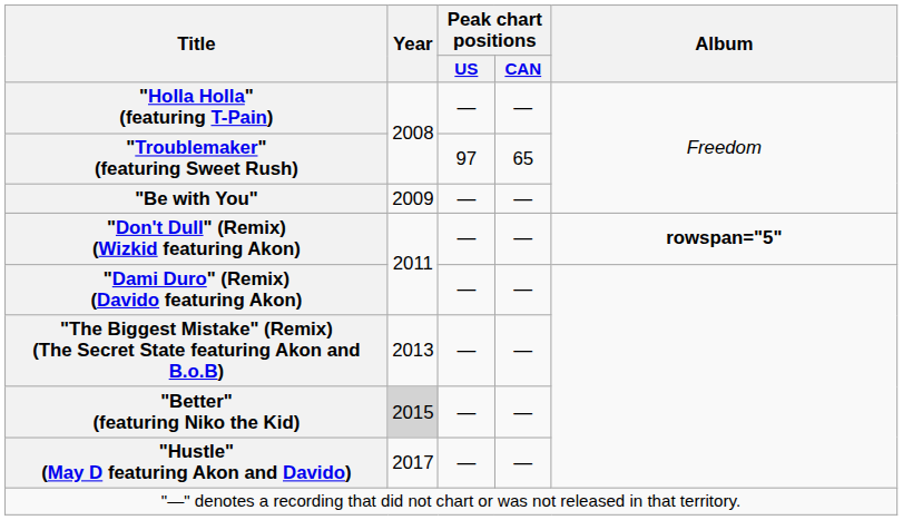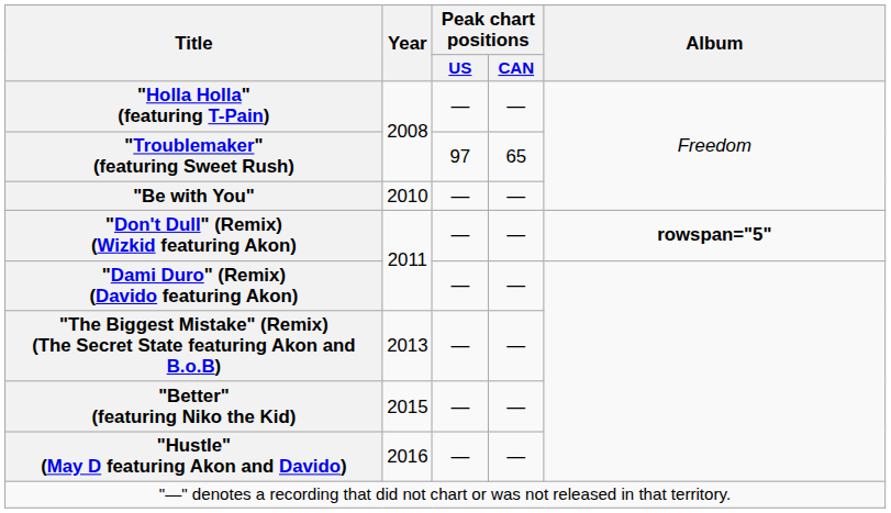 <table class="wikitable plainrowheaders" style="text-align:center;" border="1">
 <tr>
 <th scope="col" rowspan="2" style="width:20em;">Title</th>
 <th scope="col" rowspan="2">Year</th>
 <th scope="col" colspan="2">Peak chart positions</th>
 <th scope="col" rowspan="2" style="width:18em;">Album</th>
 </tr>
 <tr>
 <th scope="col" style="width:2.9em;font-size:90%;"><a href='#'>US</a><br></th>
 <th scope="col" style="width:2.9em;font-size:90%;"><a href='#'>CAN</a><br></th>
 </tr>
 <tr>
 <th scope="row">"<a href='#'>Holla Holla</a>"<br><span>(featuring <a href='#'>T-Pain</a>)</span></th>
 <td rowspan="2">2008</td>
 <td>—</td>
 <td>—</td>
 <td rowspan="3"><em>Freedom</em></td>
 </tr>
 <tr>
 <th scope="row">"<a href='#'>Troublemaker</a>"<br><span>(featuring Sweet Rush)</span></th>
 <td>97</td>
 <td>65</td>
 </tr>
 <tr>
 <th scope="row">"Be with You"</th>
-<td>2009</td>
+<td>2010</td>
 <td>—</td>
 <td>—</td>
 </tr>
 <tr>
 <th scope="row">"<a href='#'>Don't Dull</a>" (Remix)<br><span>(<a href='#'>Wizkid</a> featuring Akon)</span></th>
 <td rowspan="2">2011</td>
 <td>—</td>
 <td>—</td>
 <td><strong>rowspan="5" </strong></td>
 </tr>
 <tr>
 <th scope="row">"<a href='#'>Dami Duro</a>" (Remix)<br><span>(<a href='#'>Davido</a> featuring Akon)</span></th>
 <td>—</td>
 <td>—</td>
 </tr>
 <tr>
 <th scope="row">"The Biggest Mistake" (Remix)<br><span>(The Secret State featuring Akon and <a href='#'>B.o.B</a>)</span></th>
 <td>2013</td>
 <td>—</td>
 <td>—</td>
 </tr>
 <tr>
 <th scope="row">"Better"<br><span>(featuring Niko the Kid)</span></th>
-<td style="background: lightgrey;">2015</td>
+<td>2015</td>
 <td>—</td>
 <td>—</td>
 </tr>
 <tr>
 <th scope="row">"Hustle"<br><span>(<a href='#'>May D</a> featuring Akon and <a href='#'>Davido</a>)</span></th>
-<td>2017</td>
+<td>2016</td>
 <td>—</td>
 <td>—</td>
 </tr>
 <tr>
 <td colspan="6" style="font-size:90%">"—" denotes a recording that did not chart or was not released in that territory.</td>
 </tr>
 </table>
